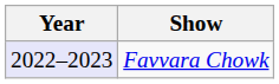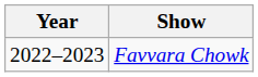 <table class="wikitable">
 <tr>
 <th>Year</th>
 <th>Show</th>
 </tr>
 <tr>
-<td style="background: lavender;">2022–2023</td>
+<td>2022–2023</td>
 <td><em><a href='#'>Favvara Chowk</a></em></td>
 </tr>
 </table>
